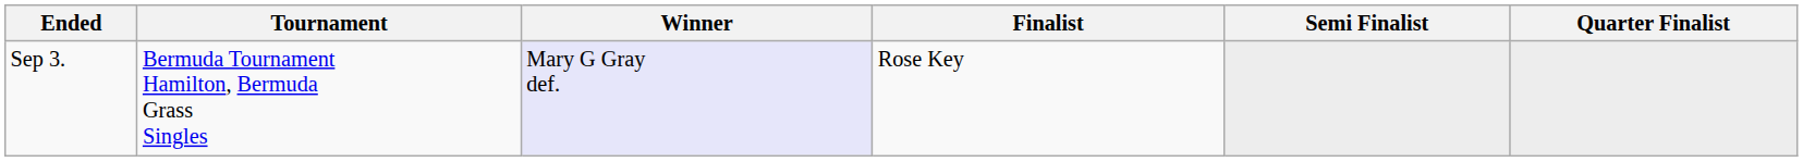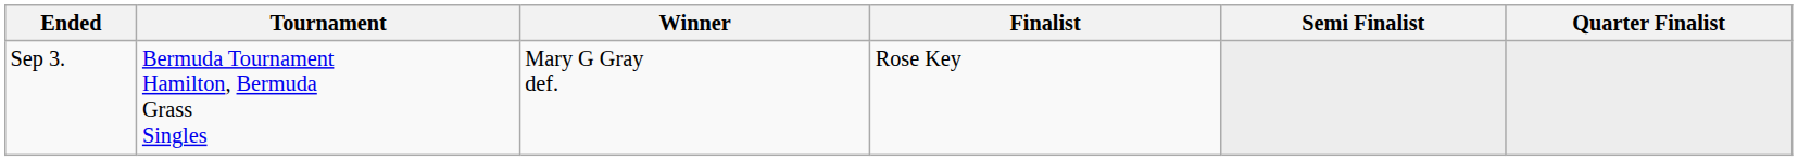 <table class="wikitable" style="font-size:85%;">
 <tr>
 <th width="75">Ended</th>
 <th width="230">Tournament</th>
 <th width="210">Winner</th>
 <th width="210">Finalist</th>
 <th width="170">Semi Finalist</th>
 <th width="170">Quarter Finalist</th>
 </tr>
 <tr valign=top>
 <td rowspan=2>Sep 3.</td>
 <td rowspan=2><a href='#'>Bermuda Tournament</a><br><a href='#'>Hamilton</a>, <a href='#'>Bermuda</a><br>Grass<br><a href='#'>Singles</a></td>
-<td style="background: lavender;"> Mary G Gray<br>def.</td>
+<td> Mary G Gray<br>def.</td>
 <td> Rose Key</td>
 <td style="background:#ededed;" rowspan=2></td>
 <td style="background:#ededed;" rowspan=2></td>
 </tr>
 </table>
